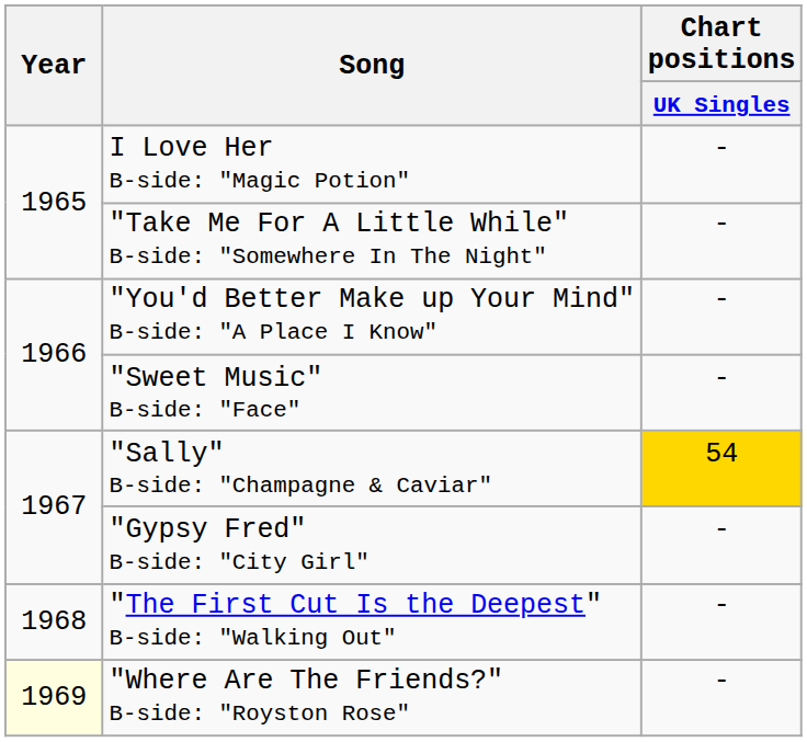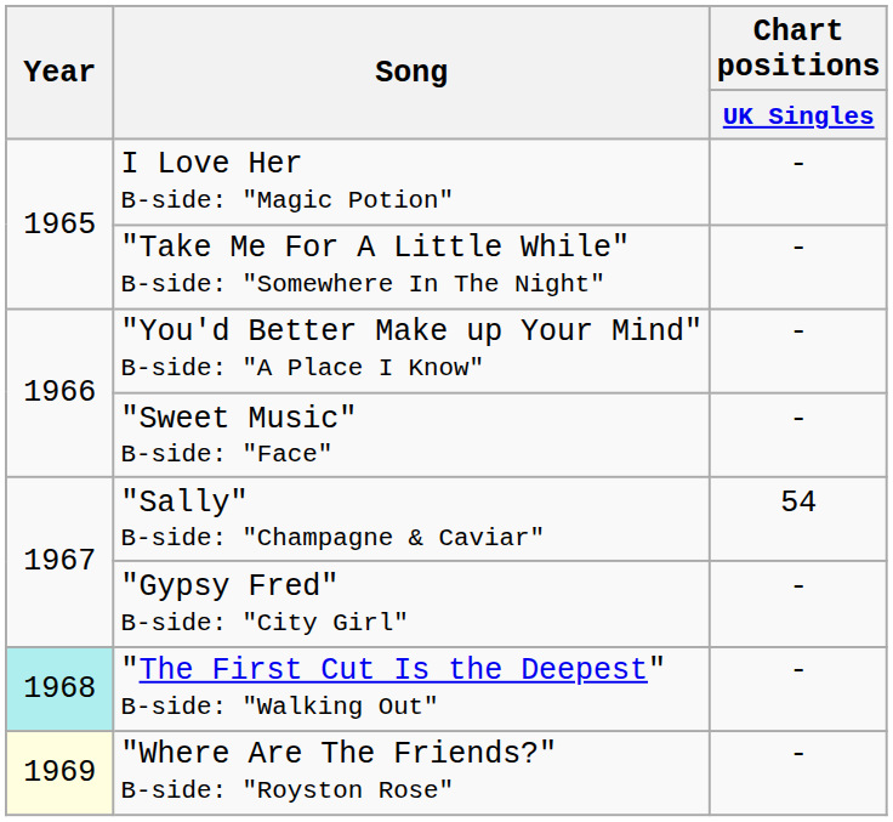 <table class="wikitable">
 <tr>
 <th rowspan="2" align="center" width="40">Year</th>
 <th rowspan="2" align="left">Song</th>
 <th align="center">Chart positions</th>
 </tr>
 <tr>
 <th align="center" valign="top" width="40"><small><a href='#'>UK Singles</a></small></th>
 </tr>
 <tr>
 <td rowspan="2" align="center">1965</td>
 <td align="left" valign="top">I Love Her<br><small>B-side: "Magic Potion"</small></td>
 <td align="center" valign="top">-</td>
 </tr>
 <tr>
 <td align="left" valign="top">"Take Me For A Little While"<br><small>B-side: "Somewhere In The Night"</small></td>
 <td align="center" valign="top">-</td>
 </tr>
 <tr>
 <td rowspan="2" align="center">1966</td>
 <td align="left" valign="top">"You'd Better Make up Your Mind"<br><small>B-side: "A Place I Know"</small></td>
 <td align="center" valign="top">-</td>
 </tr>
 <tr>
 <td align="left" valign="top">"Sweet Music"<br><small>B-side: "Face"</small></td>
 <td align="center" valign="top">-</td>
 </tr>
 <tr>
 <td rowspan="2" align="center">1967</td>
 <td align="left" valign="top">"Sally"<br><small>B-side: "Champagne & Caviar"</small></td>
-<td align="center" valign="top" style="background: gold;">54</td>
+<td align="center" valign="top">54</td>
 </tr>
 <tr>
 <td align="left" valign="top">"Gypsy Fred"<br><small>B-side: "City Girl"</small></td>
 <td align="center" valign="top">-</td>
 </tr>
 <tr>
-<td align="center">1968</td>
+<td align="center" style="background: paleturquoise;">1968</td>
 <td align="left" valign="top">"<a href='#'>The First Cut Is the Deepest</a>"<br><small>B-side: "Walking Out"</small></td>
 <td align="center" valign="top">-</td>
 </tr>
 <tr>
 <td align="center" style="background: lightyellow;">1969</td>
 <td align="left" valign="top">"Where Are The Friends?"<br><small>B-side: "Royston Rose"</small></td>
 <td align="center" valign="top">-</td>
 </tr>
 </table>
